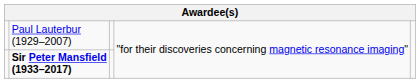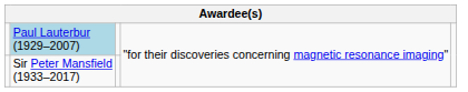 <table class="wikitable">
 <tr>
 <th colspan="5">Awardee(s)</th>
 </tr>
 <tr>
 <td></td>
-<td><a href='#'>Paul Lauterbur</a><br>(1929–2007)</td>
+<td style="background: lightblue;"><a href='#'>Paul Lauterbur</a><br>(1929–2007)</td>
 <td></td>
 <td rowspan="2">"for their discoveries concerning <a href='#'>magnetic resonance imaging</a>"</td>
 <td rowspan="2"></td>
 </tr>
 <tr>
 <td></td>
-<td><strong>Sir <a href='#'>Peter Mansfield</a><br>(1933–2017)</strong></td>
+<td>Sir <a href='#'>Peter Mansfield</a><br>(1933–2017)</td>
 <td></td>
 </tr>
 </table>
